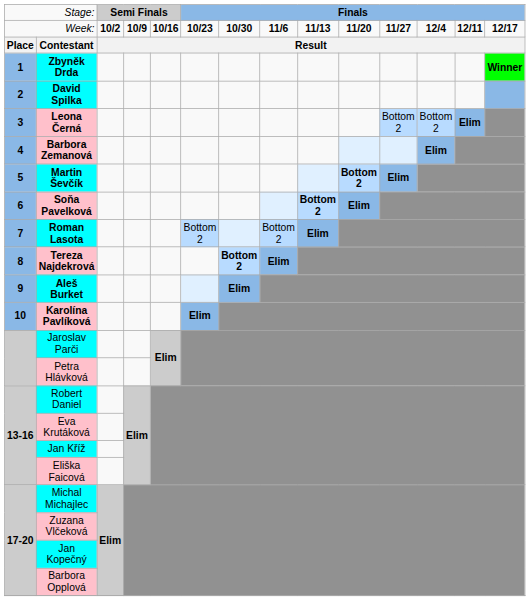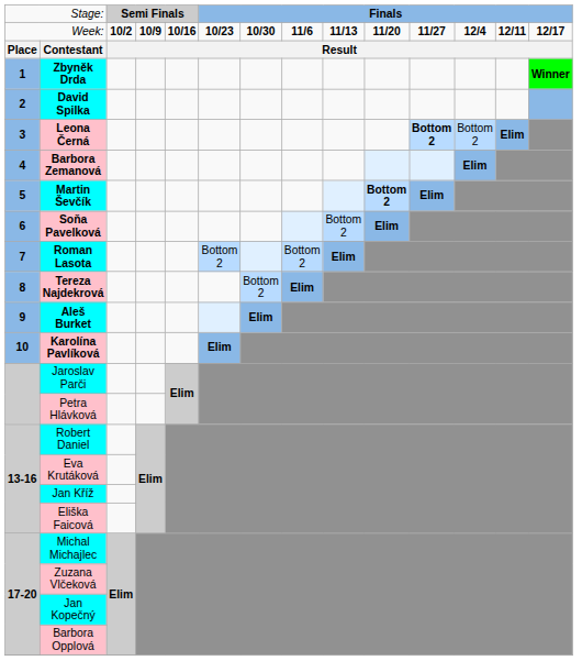 <table class="wikitable" style="margin:1em auto; text-align:center; font-size:85%">
 <tr>
 <td colspan="2" align="right"><em>Stage:</em></td>
 <td colspan="3" bgcolor="#CCCCCC"><strong>Semi Finals</strong></td>
 <td colspan="9" bgcolor="#8AB8E6"><strong>Finals</strong></td>
 </tr>
 <tr>
 <td colspan="2" align="right"><em>Week:</em></td>
 <td width=6%><strong>10/2</strong></td>
 <td width=6%><strong>10/9</strong></td>
 <td width=6%><strong>10/16</strong></td>
 <td width=6%><strong>10/23</strong></td>
 <td width=6%><strong>10/30</strong></td>
 <td width=6%><strong>11/6</strong></td>
 <td width=6%><strong>11/13</strong></td>
 <td width=6%><strong>11/20</strong></td>
 <td width=6%><strong>11/27</strong></td>
 <td width=6%><strong>12/4</strong></td>
 <td width=6%><strong>12/11</strong></td>
 <td width=6%><strong>12/17</strong></td>
 </tr>
 <tr>
 <th>Place</th>
 <th>Contestant</th>
 <th colspan="12">Result</th>
 </tr>
 <tr>
 <td bgcolor="#8AB8E6"><strong>1</strong></td>
 <td bgcolor="cyan"><strong>Zbyněk Drda</strong></td>
 <td></td>
 <td></td>
 <td></td>
 <td></td>
 <td></td>
 <td></td>
 <td></td>
 <td></td>
 <td></td>
 <td></td>
 <td></td>
 <td bgcolor="lime"><strong>Winner</strong></td>
 </tr>
 <tr>
 <td bgcolor="8AB8E6"><strong>2</strong></td>
 <td bgcolor="cyan"><strong>David Spilka</strong></td>
 <td></td>
 <td></td>
 <td></td>
 <td></td>
 <td></td>
 <td></td>
 <td></td>
 <td></td>
 <td></td>
 <td></td>
 <td></td>
 <td bgcolor="8AB8E6"></td>
 </tr>
 <tr>
 <td bgcolor="#8AB8E6"><strong>3</strong></td>
 <td bgcolor="pink"><strong>Leona Černá</strong></td>
 <td></td>
 <td></td>
 <td></td>
 <td></td>
 <td></td>
 <td></td>
 <td></td>
 <td></td>
-<td style="background:#B8DBFF">Bottom 2</td>
+<td style="background:#B8DBFF"><strong>Bottom 2</strong></td>
 <td style="background:#B8DBFF">Bottom 2</td>
 <td bgcolor="#8AB8E6"><strong>Elim</strong></td>
 <td bgcolor="#919191"></td>
 </tr>
 <tr>
 <td bgcolor="8AB8E6"><strong>4</strong></td>
 <td bgcolor="pink"><strong>Barbora Zemanová</strong></td>
 <td></td>
 <td></td>
 <td></td>
 <td></td>
 <td></td>
 <td></td>
 <td></td>
 <td bgcolor="#E0F0FF"></td>
 <td bgcolor="#E0F0FF"></td>
 <td bgcolor="#8AB8E6"><strong>Elim</strong></td>
 <td bgcolor="#919191" colspan="2"></td>
 </tr>
 <tr>
 <td bgcolor="8AB8E6"><strong>5</strong></td>
 <td bgcolor="cyan"><strong>Martin Ševčík</strong></td>
 <td></td>
 <td></td>
 <td></td>
 <td></td>
 <td></td>
 <td></td>
 <td bgcolor="#E0F0FF"></td>
 <td style="background:#B8DBFF"><strong>Bottom 2</strong></td>
 <td bgcolor="#8AB8E6"><strong>Elim</strong></td>
 <td bgcolor="#919191" colspan="3"></td>
 </tr>
 <tr>
 <td bgcolor="8AB8E6"><strong>6</strong></td>
 <td bgcolor="pink"><strong>Soňa Pavelková</strong></td>
 <td></td>
 <td></td>
 <td></td>
 <td></td>
 <td></td>
 <td bgcolor="#E0F0FF"></td>
-<td style="background:#B8DBFF"><strong>Bottom 2</strong></td>
+<td style="background:#B8DBFF">Bottom 2</td>
 <td bgcolor="#8AB8E6"><strong>Elim</strong></td>
 <td bgcolor="#919191" colspan="4"></td>
 </tr>
 <tr>
 <td bgcolor="8AB8E6"><strong>7</strong></td>
 <td bgcolor="cyan"><strong>Roman Lasota</strong></td>
 <td></td>
 <td></td>
 <td></td>
 <td style="background:#B8DBFF">Bottom 2</td>
 <td bgcolor="#E0F0FF"></td>
 <td style="background:#B8DBFF">Bottom 2</td>
 <td bgcolor="#8AB8E6"><strong>Elim</strong></td>
 <td bgcolor="#919191" colspan="5"></td>
 </tr>
 <tr>
 <td bgcolor="8AB8E6"><strong>8</strong></td>
 <td bgcolor="pink"><strong>Tereza Najdekrová</strong></td>
 <td></td>
 <td></td>
 <td></td>
 <td></td>
-<td style="background:#B8DBFF"><strong>Bottom 2</strong></td>
+<td style="background:#B8DBFF">Bottom 2</td>
 <td bgcolor="#8AB8E6"><strong>Elim</strong></td>
 <td bgcolor="#919191" colspan="6"></td>
 </tr>
 <tr>
 <td bgcolor="8AB8E6"><strong>9</strong></td>
 <td bgcolor="cyan"><strong>Aleš Burket</strong></td>
 <td></td>
 <td></td>
 <td></td>
 <td bgcolor="#E0F0FF"></td>
 <td bgcolor="#8AB8E6"><strong>Elim</strong></td>
 <td bgcolor="#919191" colspan="7"></td>
 </tr>
 <tr>
 <td bgcolor="#8AB8E6"><strong>10</strong></td>
 <td bgcolor="pink"><strong>Karolína Pavlíková</strong></td>
 <td></td>
 <td></td>
 <td></td>
 <td bgcolor="#8AB8E6"><strong>Elim</strong></td>
 <td bgcolor="#919191" colspan="8"></td>
 </tr>
 <tr>
 <td bgcolor="#CCCCCC" rowspan=2></td>
 <td bgcolor="cyan">Jaroslav Parči</td>
 <td></td>
 <td></td>
 <td bgcolor="#CCCCCC" rowspan=2><strong>Elim</strong></td>
 <td bgcolor="#919191" colspan=12 rowspan="2"></td>
 </tr>
 <tr>
 <td bgcolor="pink">Petra Hlávková</td>
 <td></td>
 <td></td>
 </tr>
 <tr>
 <td bgcolor="#CCCCCC" rowspan=4><strong>13-16</strong></td>
 <td bgcolor="cyan">Robert Daniel</td>
 <td></td>
 <td bgcolor="#CCCCCC" rowspan=4><strong>Elim</strong></td>
 <td bgcolor="#919191" colspan=13 rowspan="4"></td>
 </tr>
 <tr>
 <td bgcolor="pink">Eva Krutáková</td>
 <td></td>
 </tr>
 <tr>
 <td bgcolor="cyan">Jan Kříž</td>
 <td></td>
 </tr>
 <tr>
 <td bgcolor="pink">Eliška Faicová</td>
 <td></td>
 </tr>
 <tr>
 <td bgcolor="#CCCCCC" rowspan=4><strong>17-20</strong></td>
 <td bgcolor="cyan">Michal Michajlec</td>
 <td bgcolor="#CCCCCC" rowspan=4><strong>Elim</strong></td>
 <td bgcolor="#919191" colspan=14 rowspan="4"></td>
 </tr>
 <tr>
 <td bgcolor="pink">Zuzana Vlčeková</td>
 </tr>
 <tr>
 <td bgcolor="cyan">Jan Kopečný</td>
 </tr>
 <tr>
 <td bgcolor="pink">Barbora Opplová</td>
 </tr>
 <tr>
 </tr>
 </table>
